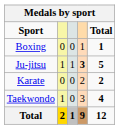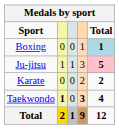 <table class=wikitable style="font-size:85%; float:right;text-align:center">
 <tr bgcolor=EFEFEF>
 <th colspan=7><strong>Medals by sport</strong></th>
 </tr>
 <tr>
 <td><strong>Sport</strong></td>
 <td bgcolor=F7F6A8></td>
 <td bgcolor=DCE5E5></td>
 <td bgcolor=FFDBA9></td>
 <td><strong>Total</strong></td>
 </tr>
 <tr>
 <td><a href='#'>Boxing</a></td>
 <td bgcolor=F7F6A8>0</td>
 <td bgcolor=DCE5E5>0</td>
 <td bgcolor=FFDAB9>1</td>
-<td><strong>1</strong></td>
+<td style="background: lightblue;"><strong>1</strong></td>
 </tr>
 <tr>
 <td><a href='#'>Ju-jitsu</a></td>
 <td bgcolor=F7F6A8>1</td>
 <td bgcolor=DCE5E5>1</td>
-<td bgcolor=FFDAB9><strong>3</strong></td>
-<td><strong>5</strong></td>
+<td bgcolor=FFDAB9>3</td>
+<td style="background: pink;"><strong>5</strong></td>
 </tr>
 <tr>
 <td><a href='#'>Karate</a></td>
 <td bgcolor=F7F6A8>0</td>
 <td bgcolor=DCE5E5>0</td>
 <td bgcolor=FFDAB9>2</td>
 <td><strong>2</strong></td>
 </tr>
 <tr>
 <td><a href='#'>Taekwondo</a></td>
-<td bgcolor=F7F6A8>1</td>
+<td bgcolor=F7F6A8><strong>1</strong></td>
 <td bgcolor=DCE5E5>0</td>
-<td bgcolor=FFDAB9>3</td>
+<td bgcolor=FFDAB9><strong>3</strong></td>
 <td><strong>4</strong></td>
 </tr>
 <tr>
 <th><strong>Total</strong></th>
 <td style="background:gold;"><strong>2</strong></td>
 <td style="background:silver;"><strong>1</strong></td>
 <td style="background:#c96;"><strong>9</strong></td>
 <td><strong>12</strong></td>
 </tr>
 </table>
